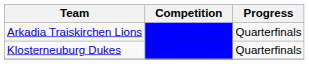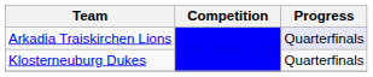 <table class="wikitable sortable">
 <tr>
 <th>Team</th>
 <th>Competition</th>
 <th>Progress</th>
 </tr>
 <tr>
 <td><a href='#'>Arkadia Traiskirchen Lions</a></td>
 <td rowspan="2" style="background-color:blue;color:#D0D3D4;text-align:center"><strong><a href='#'><span>Alpe Adria Cup</span></a></strong></td>
-<td>Quarterfinals</td>
+<td style="background: lavender;">Quarterfinals</td>
 </tr>
 <tr>
 <td><a href='#'>Klosterneuburg Dukes</a></td>
 <td>Quarterfinals</td>
 </tr>
 <tr>
 </tr>
 </table>
